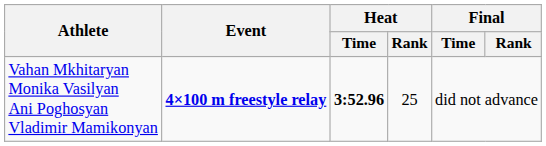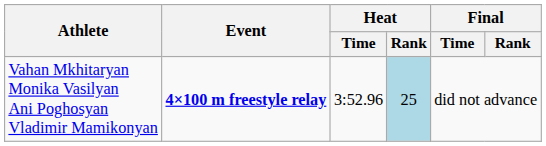 <table class=wikitable style="font-size:90%">
 <tr>
 <th rowspan="2">Athlete</th>
 <th rowspan="2">Event</th>
 <th colspan="2">Heat</th>
 <th colspan="2">Final</th>
 </tr>
 <tr style="font-size:95%">
 <th>Time</th>
 <th>Rank</th>
 <th>Time</th>
 <th>Rank</th>
 </tr>
 <tr align=center>
 <td align=left><a href='#'>Vahan Mkhitaryan</a><br><a href='#'>Monika Vasilyan</a><br><a href='#'>Ani Poghosyan</a><br><a href='#'>Vladimir Mamikonyan</a></td>
 <td align=left><strong><a href='#'>4×100 m freestyle relay</a></strong></td>
-<td><strong>3:52.96</strong></td>
-<td>25</td>
+<td>3:52.96</td>
+<td style="background: lightblue;">25</td>
 <td colspan=2>did not advance</td>
 </tr>
 </table>
